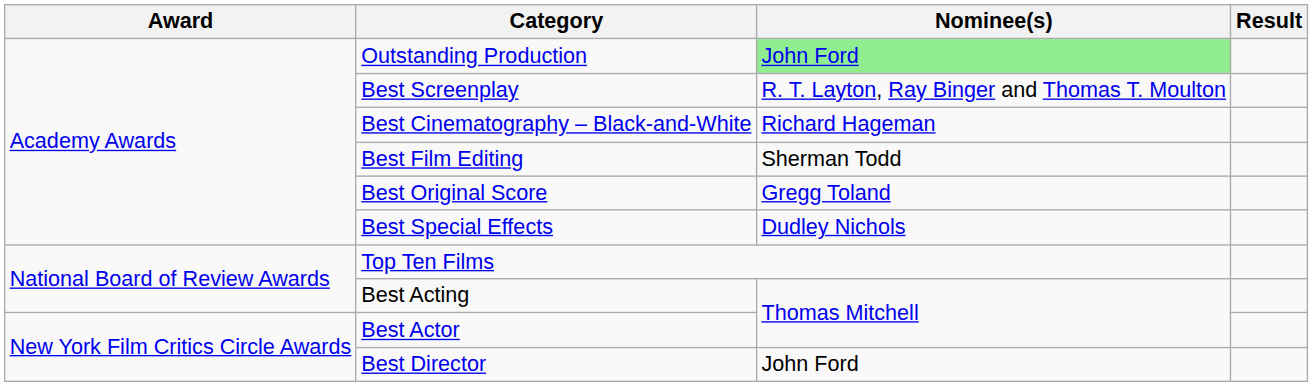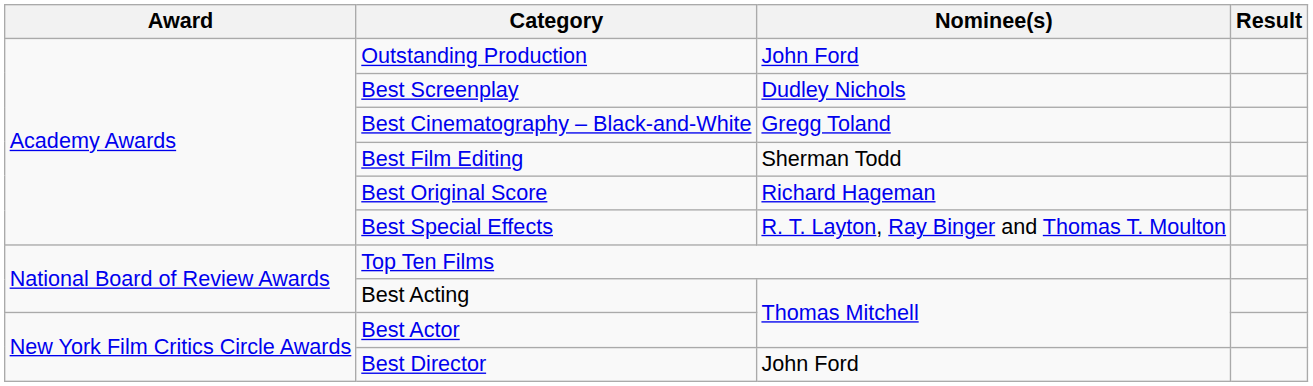 <table class="wikitable plainrowheaders">
 <tr>
 <th>Award</th>
 <th>Category</th>
 <th>Nominee(s)</th>
 <th>Result</th>
 </tr>
 <tr>
 <td rowspan="6"><a href='#'>Academy Awards</a></td>
 <td><a href='#'>Outstanding Production</a></td>
-<td style="background: lightgreen;"><a href='#'>John Ford</a></td>
+<td><a href='#'>John Ford</a></td>
 <td></td>
 </tr>
 <tr>
 <td><a href='#'>Best Screenplay</a></td>
-<td><a href='#'>R. T. Layton</a>, <a href='#'>Ray Binger</a> and <a href='#'>Thomas T. Moulton</a></td>
+<td><a href='#'>Dudley Nichols</a></td>
 <td></td>
 </tr>
 <tr>
 <td><a href='#'>Best Cinematography – Black-and-White</a></td>
-<td><a href='#'>Richard Hageman</a></td>
+<td><a href='#'>Gregg Toland</a></td>
 <td></td>
 </tr>
 <tr>
 <td><a href='#'>Best Film Editing</a></td>
 <td>Sherman Todd</td>
 <td></td>
 </tr>
 <tr>
 <td><a href='#'>Best Original Score</a></td>
-<td><a href='#'>Gregg Toland</a></td>
+<td><a href='#'>Richard Hageman</a></td>
 <td></td>
 </tr>
 <tr>
 <td><a href='#'>Best Special Effects</a></td>
-<td><a href='#'>Dudley Nichols</a></td>
+<td><a href='#'>R. T. Layton</a>, <a href='#'>Ray Binger</a> and <a href='#'>Thomas T. Moulton</a></td>
 <td></td>
 </tr>
 <tr>
 <td rowspan="2"><a href='#'>National Board of Review Awards</a></td>
 <td colspan="2"><a href='#'>Top Ten Films</a></td>
 <td></td>
 </tr>
 <tr>
 <td>Best Acting</td>
 <td rowspan="2"><a href='#'>Thomas Mitchell</a></td>
 <td></td>
 </tr>
 <tr>
 <td rowspan="2"><a href='#'>New York Film Critics Circle Awards</a></td>
 <td><a href='#'>Best Actor</a></td>
 <td></td>
 </tr>
 <tr>
 <td><a href='#'>Best Director</a></td>
 <td>John Ford </td>
 <td></td>
 </tr>
 </table>
